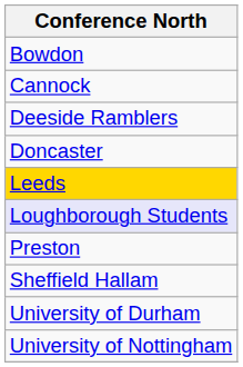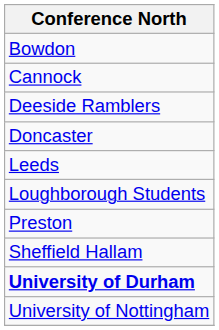 <table class="wikitable">
 <tr>
 <th>Conference North</th>
 </tr>
 <tr>
 <td><a href='#'>Bowdon</a></td>
 </tr>
 <tr>
 <td><a href='#'>Cannock</a></td>
 </tr>
 <tr>
 <td><a href='#'>Deeside Ramblers</a></td>
 </tr>
 <tr>
 <td><a href='#'>Doncaster</a></td>
 </tr>
 <tr>
-<td style="background: gold;"><a href='#'>Leeds</a></td>
+<td><a href='#'>Leeds</a></td>
 </tr>
 <tr>
-<td style="background: lavender;"><a href='#'>Loughborough Students</a></td>
+<td><a href='#'>Loughborough Students</a></td>
 </tr>
 <tr>
 <td><a href='#'>Preston</a></td>
 </tr>
 <tr>
 <td><a href='#'>Sheffield Hallam</a></td>
 </tr>
 <tr>
-<td><a href='#'>University of Durham</a></td>
+<td><strong><a href='#'>University of Durham</a></strong></td>
 </tr>
 <tr>
 <td><a href='#'>University of Nottingham</a></td>
 </tr>
 <tr>
 </tr>
 </table>
